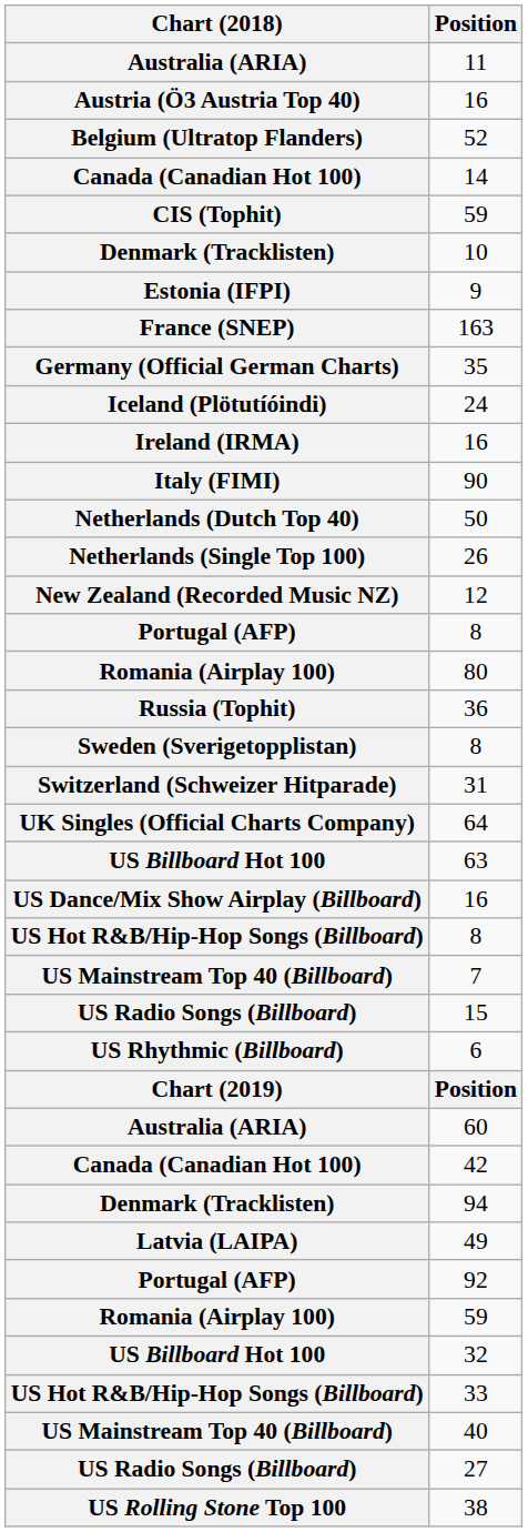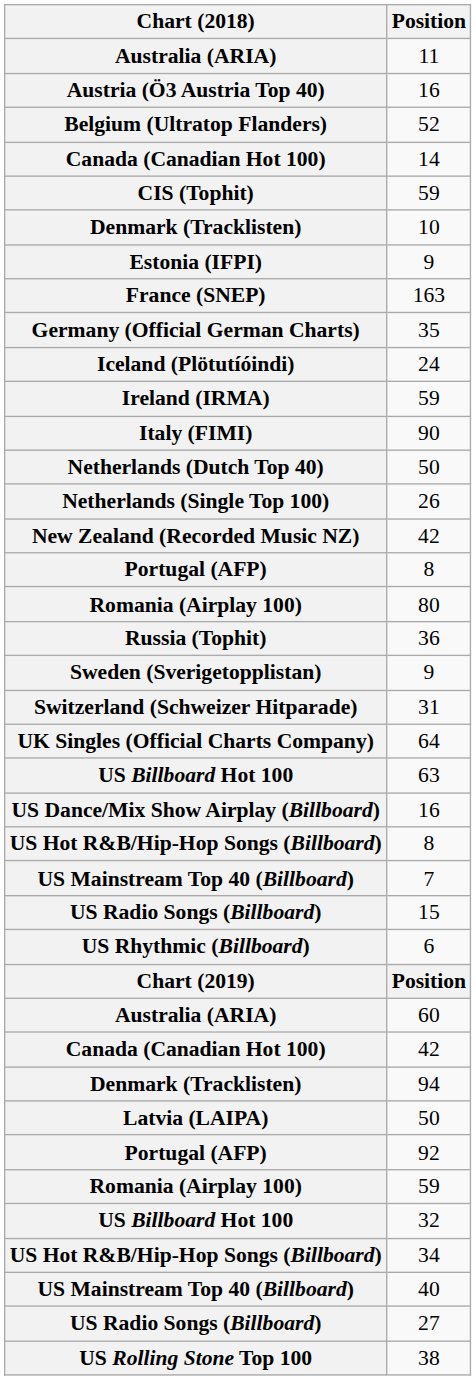 <table class="wikitable sortable plainrowheaders" style="text-align:center">
 <tr>
 <th scope="col">Chart (2018)</th>
 <th scope="col">Position</th>
 </tr>
 <tr>
 <th scope="row">Australia (ARIA)</th>
 <td>11</td>
 </tr>
 <tr>
 <th scope="row">Austria (Ö3 Austria Top 40)</th>
 <td>16</td>
 </tr>
 <tr>
 <th scope="row">Belgium (Ultratop Flanders)</th>
 <td>52</td>
 </tr>
 <tr>
 <th scope="row">Canada (Canadian Hot 100)</th>
 <td>14</td>
 </tr>
 <tr>
 <th scope="row">CIS (Tophit)</th>
 <td>59</td>
 </tr>
 <tr>
 <th scope="row">Denmark (Tracklisten)</th>
 <td>10</td>
 </tr>
 <tr>
 <th scope="row">Estonia (IFPI)</th>
 <td>9</td>
 </tr>
 <tr>
 <th scope="row">France (SNEP)</th>
 <td>163</td>
 </tr>
 <tr>
 <th scope="row">Germany (Official German Charts)</th>
 <td>35</td>
 </tr>
 <tr>
 <th scope="row">Iceland (Plötutíóindi)</th>
 <td>24</td>
 </tr>
 <tr>
 <th scope="row">Ireland (IRMA)</th>
-<td>16</td>
+<td>59</td>
 </tr>
 <tr>
 <th scope="row">Italy (FIMI)</th>
 <td>90</td>
 </tr>
 <tr>
 <th scope="row">Netherlands (Dutch Top 40)</th>
 <td>50</td>
 </tr>
 <tr>
 <th scope="row">Netherlands (Single Top 100)</th>
 <td>26</td>
 </tr>
 <tr>
 <th scope="row">New Zealand (Recorded Music NZ)</th>
-<td>12</td>
+<td>42</td>
 </tr>
 <tr>
 <th scope="row">Portugal (AFP)</th>
 <td>8</td>
 </tr>
 <tr>
 <th scope="row">Romania (Airplay 100)</th>
 <td>80</td>
 </tr>
 <tr>
 <th scope="row">Russia (Tophit)</th>
 <td>36</td>
 </tr>
 <tr>
 <th scope="row">Sweden (Sverigetopplistan)</th>
-<td>8</td>
+<td>9</td>
 </tr>
 <tr>
 <th scope="row">Switzerland (Schweizer Hitparade)</th>
 <td>31</td>
 </tr>
 <tr>
 <th scope="row">UK Singles (Official Charts Company)</th>
 <td>64</td>
 </tr>
 <tr>
 <th scope="row">US <em>Billboard</em> Hot 100</th>
 <td>63</td>
 </tr>
 <tr>
 <th scope="row">US Dance/Mix Show Airplay (<em>Billboard</em>)</th>
 <td>16</td>
 </tr>
 <tr>
 <th scope="row">US Hot R&B/Hip-Hop Songs (<em>Billboard</em>)</th>
 <td>8</td>
 </tr>
 <tr>
 <th scope="row">US Mainstream Top 40 (<em>Billboard</em>)</th>
 <td>7</td>
 </tr>
 <tr>
 <th scope="row">US Radio Songs (<em>Billboard</em>)</th>
 <td>15</td>
 </tr>
 <tr>
 <th scope="row">US Rhythmic (<em>Billboard</em>)</th>
 <td>6</td>
 </tr>
 <tr>
 <th scope="col">Chart (2019)</th>
 <th scope="col">Position</th>
 </tr>
 <tr>
 <th scope="row">Australia (ARIA)</th>
 <td>60</td>
 </tr>
 <tr>
 <th scope="row">Canada (Canadian Hot 100)</th>
 <td>42</td>
 </tr>
 <tr>
 <th scope="row">Denmark (Tracklisten)</th>
 <td>94</td>
 </tr>
 <tr>
 <th scope="row">Latvia (LAIPA)</th>
-<td>49</td>
+<td>50</td>
 </tr>
 <tr>
 <th scope="row">Portugal (AFP)</th>
 <td>92</td>
 </tr>
 <tr>
 <th scope="row">Romania (Airplay 100)</th>
 <td>59</td>
 </tr>
 <tr>
 <th scope="row">US <em>Billboard</em> Hot 100</th>
 <td>32</td>
 </tr>
 <tr>
 <th scope="row">US Hot R&B/Hip-Hop Songs (<em>Billboard</em>)</th>
-<td>33</td>
+<td>34</td>
 </tr>
 <tr>
 <th scope="row">US Mainstream Top 40 (<em>Billboard</em>)</th>
 <td>40</td>
 </tr>
 <tr>
 <th scope="row">US Radio Songs (<em>Billboard</em>)</th>
 <td>27</td>
 </tr>
 <tr>
 <th scope="row">US <em>Rolling Stone</em> Top 100</th>
 <td>38</td>
 </tr>
 </table>
